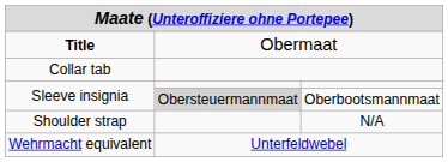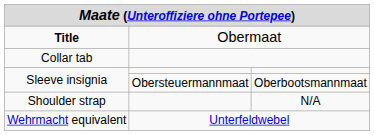 <table class="wikitable">
 <tr>
 <th colspan=9 style="background:#dadada"><em><big>Maate</big></em> (<em><a href='#'>Unteroffiziere ohne Portepee</a></em>)</th>
 </tr>
 <tr align="center">
 <td><strong>Title</strong></td>
 <td colspan="2"><big>Obermaat</big></td>
 </tr>
 <tr align="center">
 <td>Collar tab</td>
 <td colspan="2"></td>
 </tr>
 <tr align="center">
 <td rowspan="2">Sleeve insignia</td>
 <td></td>
 <td></td>
 </tr>
 <tr align="center">
-<td style="background: lightgrey;">Obersteuermannmaat</td>
+<td>Obersteuermannmaat</td>
 <td>Oberbootsmannmaat</td>
 </tr>
 <tr align="center">
 <td>Shoulder strap</td>
 <td colspan="1"></td>
 <td style="vertical-align: middle">N/A</td>
 </tr>
 <tr align="center">
 <td><a href='#'>Wehrmacht</a> equivalent</td>
 <td colspan="2"><a href='#'>Unterfeldwebel</a></td>
 </tr>
 </table>
